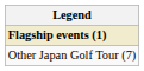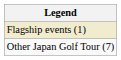 <table class="wikitable" style="font-size:95%;">
 <tr>
 <th>Legend</th>
 </tr>
 <tr style="background:#f2ecce;">
-<td><strong>Flagship events (1)</strong></td>
+<td>Flagship events (1)</td>
 </tr>
 <tr>
 <td>Other Japan Golf Tour (7)</td>
 </tr>
 </table>
